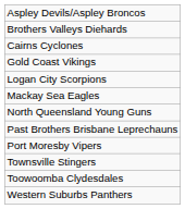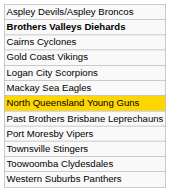 <table class="wikitable">
 <tr>
 <td> Aspley Devils/Aspley Broncos</td>
 </tr>
 <tr>
-<td> Brothers Valleys Diehards</td>
+<td><strong> Brothers Valleys Diehards</strong></td>
 </tr>
 <tr>
 <td> Cairns Cyclones</td>
 </tr>
 <tr>
 <td> Gold Coast Vikings</td>
 </tr>
 <tr>
 <td> Logan City Scorpions</td>
 </tr>
 <tr>
 <td> Mackay Sea Eagles</td>
 </tr>
 <tr>
-<td> North Queensland Young Guns</td>
+<td style="background: gold;"> North Queensland Young Guns</td>
 </tr>
 <tr>
 <td> Past Brothers Brisbane Leprechauns</td>
 </tr>
 <tr>
 <td> Port Moresby Vipers</td>
 </tr>
 <tr>
 <td> Townsville Stingers</td>
 </tr>
 <tr>
 <td> Toowoomba Clydesdales</td>
 </tr>
 <tr>
 <td> Western Suburbs Panthers</td>
 </tr>
 </table>
